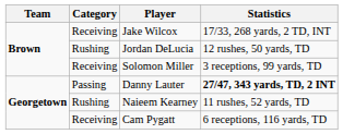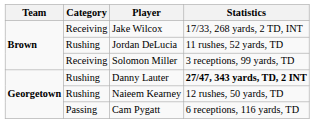 <table class="wikitable" style="float: right;">
 <tr>
 <th>Team</th>
 <th>Category</th>
 <th>Player</th>
 <th>Statistics</th>
 </tr>
 <tr>
 <td rowspan=3><strong>Brown</strong></td>
 <td>Receiving</td>
 <td>Jake Wilcox</td>
 <td>17/33, 268 yards, 2 TD, INT</td>
 </tr>
 <tr>
 <td>Rushing</td>
 <td>Jordan DeLucia</td>
-<td>12 rushes, 50 yards, TD</td>
+<td>11 rushes, 52 yards, TD</td>
 </tr>
 <tr>
 <td>Receiving</td>
 <td>Solomon Miller</td>
 <td>3 receptions, 99 yards, TD</td>
 </tr>
 <tr>
 <td rowspan=3><strong>Georgetown</strong></td>
-<td>Passing</td>
+<td>Rushing</td>
 <td>Danny Lauter</td>
 <td><strong>27/47, 343 yards, TD, 2 INT</strong></td>
 </tr>
 <tr>
 <td>Rushing</td>
 <td>Naieem Kearney</td>
-<td>11 rushes, 52 yards, TD</td>
+<td>12 rushes, 50 yards, TD</td>
 </tr>
 <tr>
-<td>Receiving</td>
+<td>Passing</td>
 <td>Cam Pygatt</td>
 <td>6 receptions, 116 yards, TD</td>
 </tr>
 </table>
